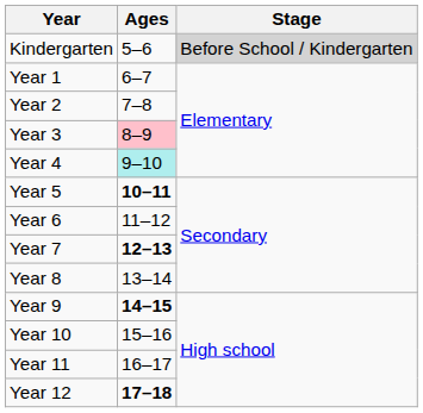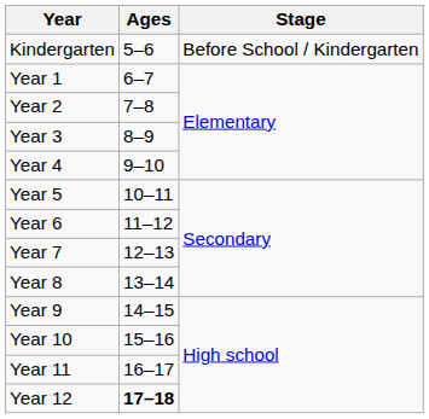 <table class="wikitable">
 <tr>
 <th>Year</th>
 <th>Ages</th>
 <th>Stage</th>
 </tr>
 <tr>
 <td>Kindergarten</td>
 <td>5–6</td>
-<td style="background: lightgrey;">Before School / Kindergarten</td>
+<td>Before School / Kindergarten</td>
 </tr>
 <tr Kindergarten>
 <td>Year 1</td>
 <td>6–7</td>
 <td rowspan="4"><a href='#'>Elementary</a></td>
 </tr>
 <tr>
 <td>Year 2</td>
 <td>7–8</td>
 </tr>
 <tr>
 <td>Year 3</td>
-<td style="background: pink;">8–9</td>
+<td>8–9</td>
 </tr>
 <tr>
 <td>Year 4</td>
-<td style="background: paleturquoise;">9–10</td>
+<td>9–10</td>
 </tr>
 <tr>
 <td>Year 5</td>
-<td><strong>10–11</strong></td>
+<td>10–11</td>
 <td rowspan="4"><a href='#'>Secondary</a></td>
 </tr>
 <tr>
 <td>Year 6</td>
 <td>11–12</td>
 </tr>
 <tr>
 <td>Year 7</td>
-<td><strong>12–13</strong></td>
+<td>12–13</td>
 </tr>
 <tr>
 <td>Year 8</td>
 <td>13–14</td>
 </tr>
 <tr>
 <td>Year 9</td>
-<td><strong>14–15</strong></td>
+<td>14–15</td>
 <td rowspan="4"><a href='#'>High school</a></td>
 </tr>
 <tr>
 <td>Year 10</td>
 <td>15–16</td>
 </tr>
 <tr>
 <td>Year 11</td>
 <td>16–17</td>
 </tr>
 <tr>
 <td>Year 12</td>
 <td><strong>17–18</strong></td>
 </tr>
 </table>
